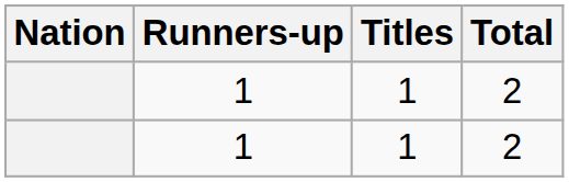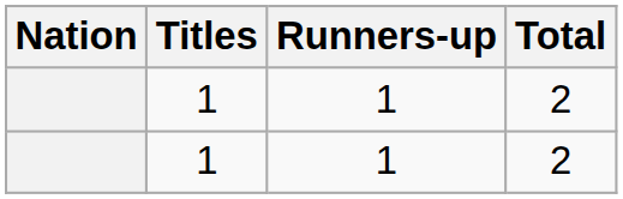 <table class="wikitable plainrowheaders sortable" style="text-align:center">
 <tr>
 <th scope="col">Nation</th>
+<th scope="col">Titles</th>
 <th scope="col">Runners-up</th>
-<th scope="col">Titles</th>
 <th scope="col">Total</th>
 </tr>
 <tr>
 <th scope="row" align=left></th>
 <td>1</td>
 <td>1</td>
 <td>2</td>
 </tr>
 <tr>
 <th scope="row" align=left></th>
 <td>1</td>
 <td>1</td>
 <td>2</td>
 </tr>
 </table>
